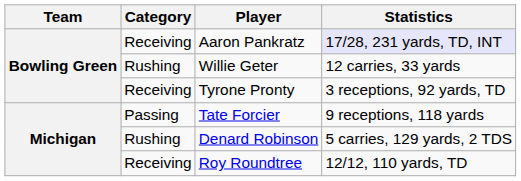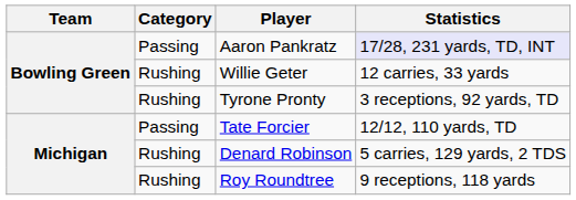 <table class="wikitable" style="float:right">
 <tr>
 <th>Team</th>
 <th>Category</th>
 <th>Player</th>
 <th>Statistics</th>
 </tr>
 <tr>
 <th rowspan=3>Bowling Green</th>
-<td>Receiving</td>
+<td>Passing</td>
 <td>Aaron Pankratz</td>
 <td style="background: lavender;">17/28, 231 yards, TD, INT</td>
 </tr>
 <tr>
 <td>Rushing</td>
 <td>Willie Geter</td>
 <td>12 carries, 33 yards</td>
 </tr>
 <tr>
-<td>Receiving</td>
+<td>Rushing</td>
 <td>Tyrone Pronty</td>
 <td>3 receptions, 92 yards, TD</td>
 </tr>
 <tr>
 <th rowspan=3>Michigan</th>
 <td>Passing</td>
 <td><a href='#'>Tate Forcier</a></td>
-<td>9 receptions, 118 yards</td>
+<td>12/12, 110 yards, TD</td>
 </tr>
 <tr>
 <td>Rushing</td>
 <td><a href='#'>Denard Robinson</a></td>
 <td>5 carries, 129 yards, 2 TDS</td>
 </tr>
 <tr>
-<td>Receiving</td>
+<td>Rushing</td>
 <td><a href='#'>Roy Roundtree</a></td>
-<td>12/12, 110 yards, TD</td>
+<td>9 receptions, 118 yards</td>
 </tr>
 </table>
